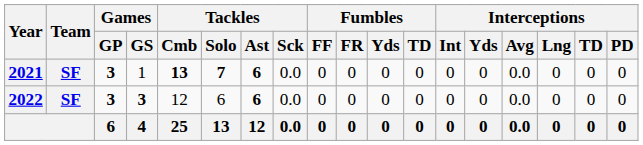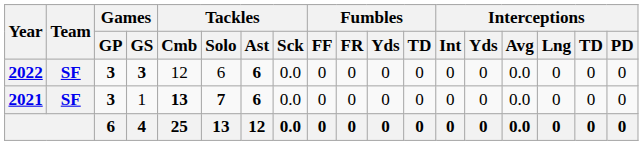 <table class="wikitable" style="text-align: center;">
 <tr>
 <th rowspan="2">Year</th>
 <th rowspan="2">Team</th>
 <th colspan="2">Games</th>
 <th colspan="4">Tackles</th>
 <th colspan="4">Fumbles</th>
 <th colspan="6">Interceptions</th>
 </tr>
 <tr>
 <th>GP</th>
 <th>GS</th>
 <th>Cmb</th>
 <th>Solo</th>
 <th>Ast</th>
 <th>Sck</th>
 <th>FF</th>
 <th>FR</th>
 <th>Yds</th>
 <th>TD</th>
 <th>Int</th>
 <th>Yds</th>
 <th>Avg</th>
 <th>Lng</th>
 <th>TD</th>
 <th>PD</th>
 </tr>
 <tr>
-<th><a href='#'>2021</a></th>
+<th><a href='#'>2022</a></th>
 <th><a href='#'>SF</a></th>
 <td><strong>3</strong></td>
-<td>1</td>
-<td><strong>13</strong></td>
-<td><strong>7</strong></td>
+<td><strong>3</strong></td>
+<td>12</td>
+<td>6</td>
 <td><strong>6</strong></td>
 <td>0.0</td>
 <td>0</td>
 <td>0</td>
 <td>0</td>
 <td>0</td>
 <td>0</td>
 <td>0</td>
 <td>0.0</td>
 <td>0</td>
 <td>0</td>
 <td>0</td>
 </tr>
 <tr>
-<th><a href='#'>2022</a></th>
+<th><a href='#'>2021</a></th>
 <th><a href='#'>SF</a></th>
 <td><strong>3</strong></td>
-<td><strong>3</strong></td>
-<td>12</td>
-<td>6</td>
+<td>1</td>
+<td><strong>13</strong></td>
+<td><strong>7</strong></td>
 <td><strong>6</strong></td>
 <td>0.0</td>
 <td>0</td>
 <td>0</td>
 <td>0</td>
 <td>0</td>
 <td>0</td>
 <td>0</td>
 <td>0.0</td>
 <td>0</td>
 <td>0</td>
 <td>0</td>
 </tr>
 <tr>
 <th colspan="2"></th>
 <th>6</th>
 <th>4</th>
 <th>25</th>
 <th>13</th>
 <th>12</th>
 <th>0.0</th>
 <th>0</th>
 <th>0</th>
 <th>0</th>
 <th>0</th>
 <th>0</th>
 <th>0</th>
 <th>0.0</th>
 <th>0</th>
 <th>0</th>
 <th>0</th>
 </tr>
 </table>
